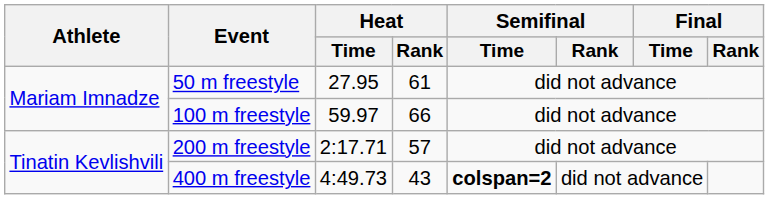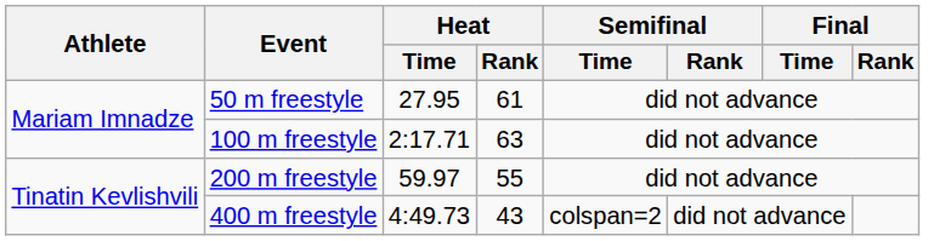 <table class="wikitable" style="text-align:center; font-size:90%">
 <tr>
 <th rowspan="2">Athlete</th>
 <th rowspan="2">Event</th>
 <th colspan="2">Heat</th>
 <th colspan="2">Semifinal</th>
 <th colspan="2">Final</th>
 </tr>
 <tr style="font-size:95%">
 <th>Time</th>
 <th>Rank</th>
 <th>Time</th>
 <th>Rank</th>
 <th>Time</th>
 <th>Rank</th>
 </tr>
 <tr>
 <td align=left rowspan=2><a href='#'>Mariam Imnadze</a></td>
 <td align=left><a href='#'>50 m freestyle</a></td>
 <td>27.95</td>
 <td>61</td>
 <td colspan=4>did not advance</td>
 </tr>
 <tr>
 <td align=left><a href='#'>100 m freestyle</a></td>
-<td>59.97</td>
-<td>66</td>
+<td>2:17.71</td>
+<td>63</td>
 <td colspan=4>did not advance</td>
 </tr>
 <tr>
 <td align=left rowspan=2><a href='#'>Tinatin Kevlishvili</a></td>
 <td align=left><a href='#'>200 m freestyle</a></td>
-<td>2:17.71</td>
-<td>57</td>
+<td>59.97</td>
+<td>55</td>
 <td colspan=4>did not advance</td>
 </tr>
 <tr>
 <td align=left><a href='#'>400 m freestyle</a></td>
 <td>4:49.73</td>
 <td>43</td>
-<td><strong>colspan=2 </strong></td>
+<td>colspan=2 </td>
 <td colspan=2>did not advance</td>
 </tr>
 </table>
